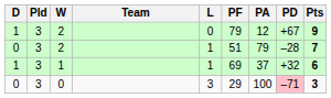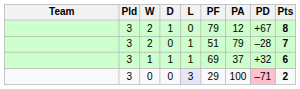 <table class="wikitable" style="text-align:center;">
 <tr>
-<th width=25 abbr="Drawn">D</th>
+<th width=175>Team</th>
 <th width=25 abbr="Played">Pld</th>
 <th width=25 abbr="Won">W</th>
-<th width=175>Team</th>
+<th width=25 abbr="Drawn">D</th>
 <th width=25 abbr="Lost">L</th>
 <th width=32 abbr="Points for">PF</th>
 <th width=32 abbr="Points against">PA</th>
 <th width=32 abbr="Points difference">PD</th>
 <th width=25 abbr="Points">Pts</th>
 </tr>
 <tr bgcolor=ccffcc>
-<td>1</td>
+<td align=left></td>
 <td>3</td>
 <td>2</td>
-<td align=left></td>
+<td>1</td>
 <td>0</td>
 <td>79</td>
 <td>12</td>
 <td>+67</td>
-<td><strong>9</strong></td>
+<td><strong>8</strong></td>
 </tr>
 <tr bgcolor=ccffcc>
-<td>0</td>
+<td align=left></td>
 <td>3</td>
 <td>2</td>
-<td align=left></td>
+<td>0</td>
 <td>1</td>
 <td>51</td>
 <td>79</td>
 <td>–28</td>
 <td><strong>7</strong></td>
 </tr>
 <tr bgcolor=ccffcc>
-<td>1</td>
+<td align=left></td>
 <td>3</td>
 <td>1</td>
-<td align=left></td>
+<td>1</td>
 <td>1</td>
 <td>69</td>
 <td>37</td>
 <td>+32</td>
 <td><strong>6</strong></td>
 </tr>
 <tr>
-<td>0</td>
+<td align=left></td>
 <td>3</td>
 <td>0</td>
-<td align=left></td>
-<td>3</td>
+<td>0</td>
+<td style="background: lavender;">3</td>
 <td>29</td>
 <td>100</td>
 <td style="background: pink;">–71</td>
-<td><strong>3</strong></td>
+<td><strong>2</strong></td>
 </tr>
 </table>
